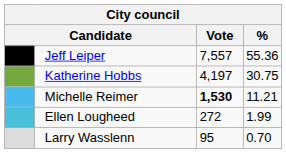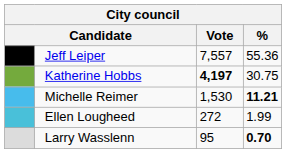 <table class="wikitable">
 <tr>
 <th colspan="4">City council</th>
 </tr>
 <tr>
 <th bgcolor="#DDDDFF" width="230px" colspan="2">Candidate</th>
 <th bgcolor="#DDDDFF" width="50px">Vote</th>
 <th bgcolor="#DDDDFF" width="30px">%</th>
 </tr>
 <tr>
 <td bgcolor=#000000 width="30px"> </td>
 <td>  <a href='#'>Jeff Leiper</a></td>
 <td>7,557</td>
 <td>55.36</td>
 </tr>
 <tr>
 <td bgcolor=#74AA3D width="30px"> </td>
 <td>  <a href='#'>Katherine Hobbs</a></td>
-<td>4,197</td>
+<td><strong>4,197</strong></td>
 <td>30.75</td>
 </tr>
 <tr>
 <td bgcolor=#47BCEC width="30px"> </td>
 <td>  Michelle Reimer</td>
-<td><strong>1,530</strong></td>
-<td>11.21</td>
+<td>1,530</td>
+<td><strong>11.21</strong></td>
 </tr>
 <tr>
 <td bgcolor=#49C0D9 width="30px"> </td>
 <td>  Ellen Lougheed</td>
 <td>272</td>
 <td>1.99</td>
 </tr>
 <tr>
 <td bgcolor=#DCDCDC width="30px"> </td>
 <td>  Larry Wasslenn</td>
 <td>95</td>
-<td>0.70</td>
+<td><strong>0.70</strong></td>
 </tr>
 </table>
